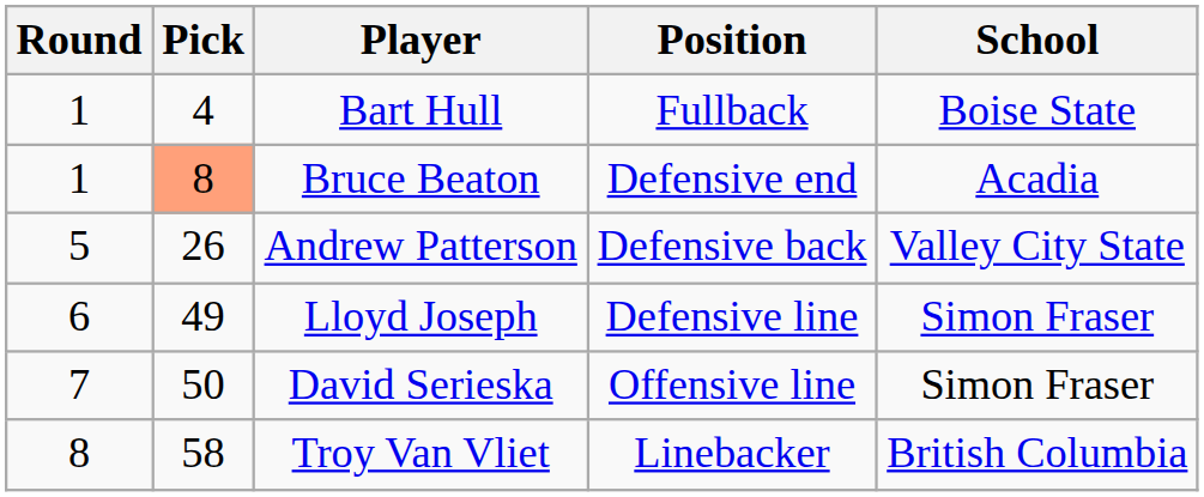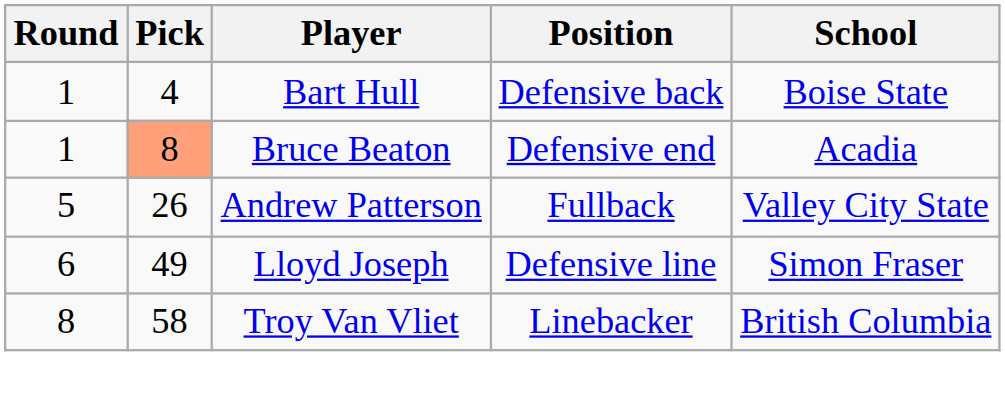 <table class="wikitable" style="text-align:center">
 <tr>
 <th scope="col">Round</th>
 <th scope="col">Pick</th>
 <th scope="col">Player</th>
 <th scope="col">Position</th>
 <th scope="col">School</th>
 </tr>
 <tr>
 <td>1</td>
 <td>4</td>
 <td><a href='#'>Bart Hull</a></td>
-<td><a href='#'>Fullback</a></td>
+<td><a href='#'>Defensive back</a></td>
 <td><a href='#'>Boise State</a></td>
 </tr>
 <tr>
 <td>1</td>
 <td style="background: lightsalmon;">8</td>
 <td><a href='#'>Bruce Beaton</a></td>
 <td><a href='#'>Defensive end</a></td>
 <td><a href='#'>Acadia</a></td>
 </tr>
 <tr>
 <td>5</td>
 <td>26</td>
 <td><a href='#'>Andrew Patterson</a></td>
-<td><a href='#'>Defensive back</a></td>
+<td><a href='#'>Fullback</a></td>
 <td><a href='#'>Valley City State</a></td>
 </tr>
 <tr>
 <td>6</td>
 <td>49</td>
 <td><a href='#'>Lloyd Joseph</a></td>
 <td><a href='#'>Defensive line</a></td>
 <td><a href='#'>Simon Fraser</a></td>
 </tr>
 <tr>
-<td>7</td>
-<td>50</td>
-<td><a href='#'>David Serieska</a></td>
-<td><a href='#'>Offensive line</a></td>
-<td>Simon Fraser</td>
-</tr>
-<tr>
 <td>8</td>
 <td>58</td>
 <td><a href='#'>Troy Van Vliet</a></td>
 <td><a href='#'>Linebacker</a></td>
 <td><a href='#'>British Columbia</a></td>
 </tr>
 </table>
